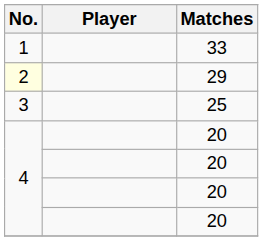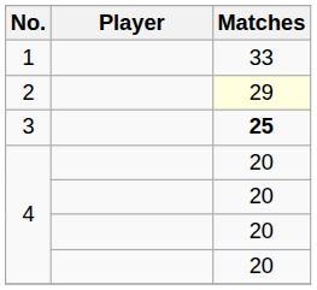 <table class="wikitable sortable" style="text-align:center">
 <tr>
 </tr>
 <tr>
 <th width=25>No.</th>
 <th width=110>Player</th>
 <th width=45>Matches</th>
 </tr>
 <tr>
 <td>1</td>
 <td></td>
 <td>33</td>
 </tr>
 <tr>
-<td style="background: lightyellow;">2</td>
+<td>2</td>
 <td></td>
-<td>29</td>
+<td style="background: lightyellow;">29</td>
 </tr>
 <tr>
 <td>3</td>
 <td></td>
-<td>25</td>
+<td><strong>25</strong></td>
 </tr>
 <tr>
 <td rowspan=4>4</td>
 <td></td>
 <td>20</td>
 </tr>
 <tr>
 <td></td>
 <td>20</td>
 </tr>
 <tr>
 <td></td>
 <td>20</td>
 </tr>
 <tr>
 <td></td>
 <td>20</td>
 </tr>
 <tr>
 </tr>
 </table>
